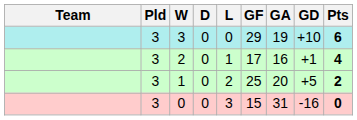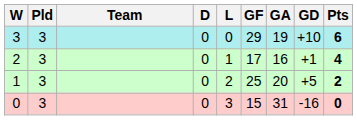 <table class="wikitable" style="text-align:center;">
 <tr>
+<th width=20>W</th>
+<th width=20>Pld</th>
 <th width=150>Team</th>
-<th width=20>Pld</th>
-<th width=20>W</th>
 <th width=20>D</th>
 <th width=20>L</th>
 <th width=20>GF</th>
 <th width=20>GA</th>
 <th width=20>GD</th>
 <th width=20>Pts</th>
 </tr>
 <tr bgcolor="#afeeee">
-<td align="left"></td>
 <td>3</td>
 <td>3</td>
+<td align="left"></td>
 <td>0</td>
 <td>0</td>
 <td>29</td>
 <td>19</td>
 <td>+10</td>
 <td><strong>6</strong></td>
 </tr>
 <tr bgcolor="#ccffcc">
+<td>2</td>
+<td>3</td>
 <td align="left"></td>
-<td>3</td>
-<td>2</td>
 <td>0</td>
 <td>1</td>
 <td>17</td>
 <td>16</td>
 <td>+1</td>
 <td><strong>4</strong></td>
 </tr>
 <tr bgcolor="#ccffcc">
+<td>1</td>
+<td>3</td>
 <td align="left"></td>
-<td>3</td>
-<td>1</td>
 <td>0</td>
 <td>2</td>
 <td>25</td>
 <td>20</td>
 <td>+5</td>
 <td><strong>2</strong></td>
 </tr>
 <tr bgcolor="#ffcccc">
+<td>0</td>
+<td>3</td>
 <td align="left"></td>
-<td>3</td>
-<td>0</td>
 <td>0</td>
 <td>3</td>
 <td>15</td>
 <td>31</td>
 <td>-16</td>
 <td><strong>0</strong></td>
 </tr>
 </table>
